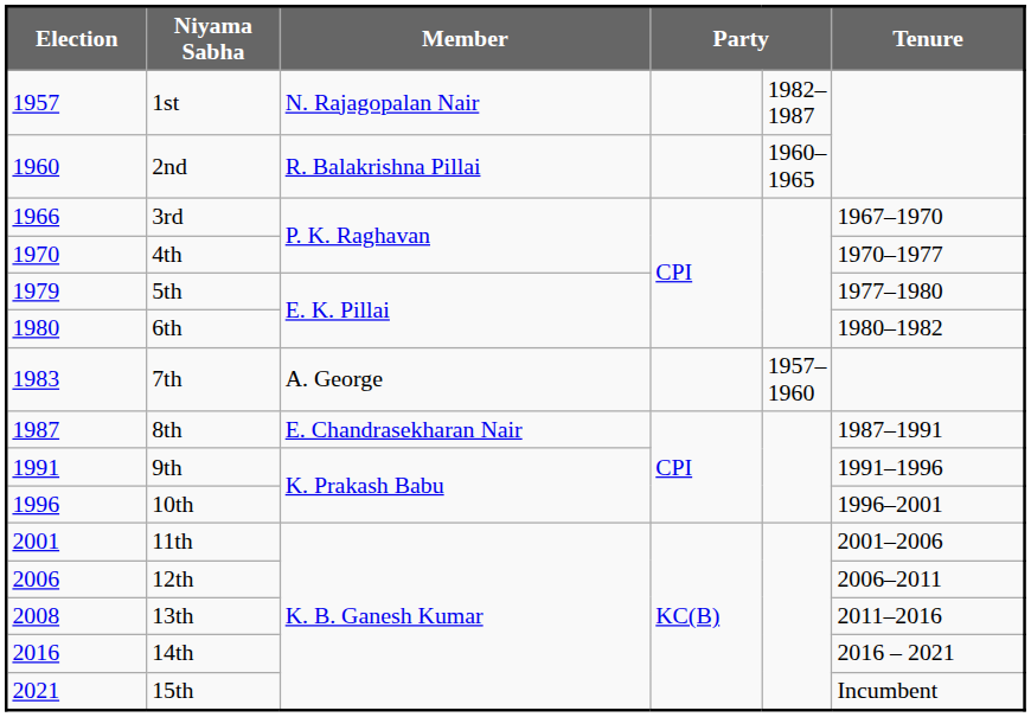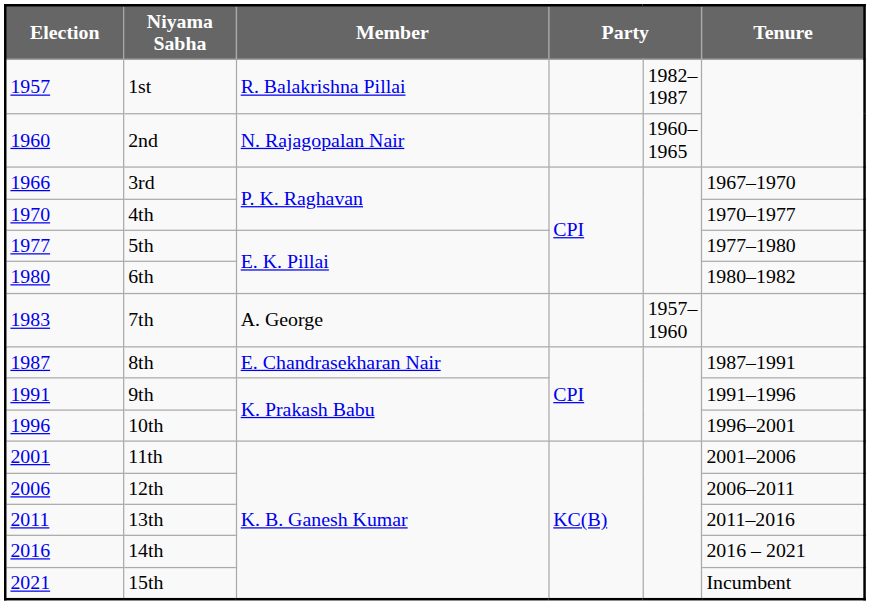 <table class="wikitable sortable" width="55%" cellpadding="2" cellspacing="0" border="1" style="border-collapse: collapse; border: 2px #000000 solid; font-size: x-big">
 <tr>
 <th style="background-color:#666666; color:white">Election</th>
 <th style="background-color:#666666; color:white">Niyama<br>Sabha</th>
 <th style="background-color:#666666; color:white">Member</th>
 <th style="background-color:#666666; color:white" colspan="2">Party</th>
 <th style="background-color:#666666; color:white">Tenure</th>
 </tr>
 <tr>
 <td><a href='#'>1957</a></td>
 <td>1st</td>
-<td><a href='#'>N. Rajagopalan Nair</a></td>
+<td><a href='#'>R. Balakrishna Pillai</a></td>
 <td></td>
 <td>1982–1987</td>
 </tr>
 <tr>
 <td><a href='#'>1960</a></td>
 <td>2nd</td>
-<td><a href='#'>R. Balakrishna Pillai</a></td>
+<td><a href='#'>N. Rajagopalan Nair</a></td>
 <td></td>
 <td>1960–1965</td>
 </tr>
 <tr>
 <td><a href='#'>1966</a></td>
 <td>3rd</td>
 <td rowspan="2"><a href='#'>P. K. Raghavan</a></td>
 <td rowspan="4"><a href='#'>CPI</a></td>
 <td rowspan="4" width="4px" style="background-color: "></td>
 <td>1967–1970</td>
 </tr>
 <tr>
 <td><a href='#'>1970</a></td>
 <td>4th</td>
 <td>1970–1977</td>
 </tr>
 <tr>
-<td><a href='#'>1979</a></td>
+<td><a href='#'>1977</a></td>
 <td>5th</td>
 <td rowspan="2"><a href='#'>E. K. Pillai</a></td>
 <td>1977–1980</td>
 </tr>
 <tr>
 <td><a href='#'>1980</a></td>
 <td>6th</td>
 <td>1980–1982</td>
 </tr>
 <tr>
 <td><a href='#'>1983</a></td>
 <td>7th</td>
 <td>A. George</td>
 <td></td>
 <td>1957–1960</td>
 </tr>
 <tr>
 <td><a href='#'>1987</a></td>
 <td>8th</td>
 <td><a href='#'>E. Chandrasekharan Nair</a></td>
 <td rowspan="3"><a href='#'>CPI</a></td>
 <td rowspan="3" width="4px" style="background-color: "></td>
 <td>1987–1991</td>
 </tr>
 <tr>
 <td><a href='#'>1991</a></td>
 <td>9th</td>
 <td rowspan="2"><a href='#'>K. Prakash Babu</a></td>
 <td>1991–1996</td>
 </tr>
 <tr>
 <td><a href='#'>1996</a></td>
 <td>10th</td>
 <td>1996–2001</td>
 </tr>
 <tr>
 <td><a href='#'>2001</a></td>
 <td>11th</td>
 <td rowspan="5"><a href='#'>K. B. Ganesh Kumar</a></td>
 <td rowspan="5"><a href='#'>KC(B)</a></td>
 <td rowspan="5" width="4px" style="background-color: "></td>
 <td>2001–2006</td>
 </tr>
 <tr>
 <td><a href='#'>2006</a></td>
 <td>12th</td>
 <td>2006–2011</td>
 </tr>
 <tr>
-<td><a href='#'>2008</a></td>
+<td><a href='#'>2011</a></td>
 <td>13th</td>
 <td>2011–2016</td>
 </tr>
 <tr>
 <td><a href='#'>2016</a></td>
 <td>14th</td>
 <td>2016 – 2021</td>
 </tr>
 <tr>
 <td><a href='#'>2021</a></td>
 <td>15th</td>
 <td>Incumbent</td>
 </tr>
 <tr>
 </tr>
 </table>
